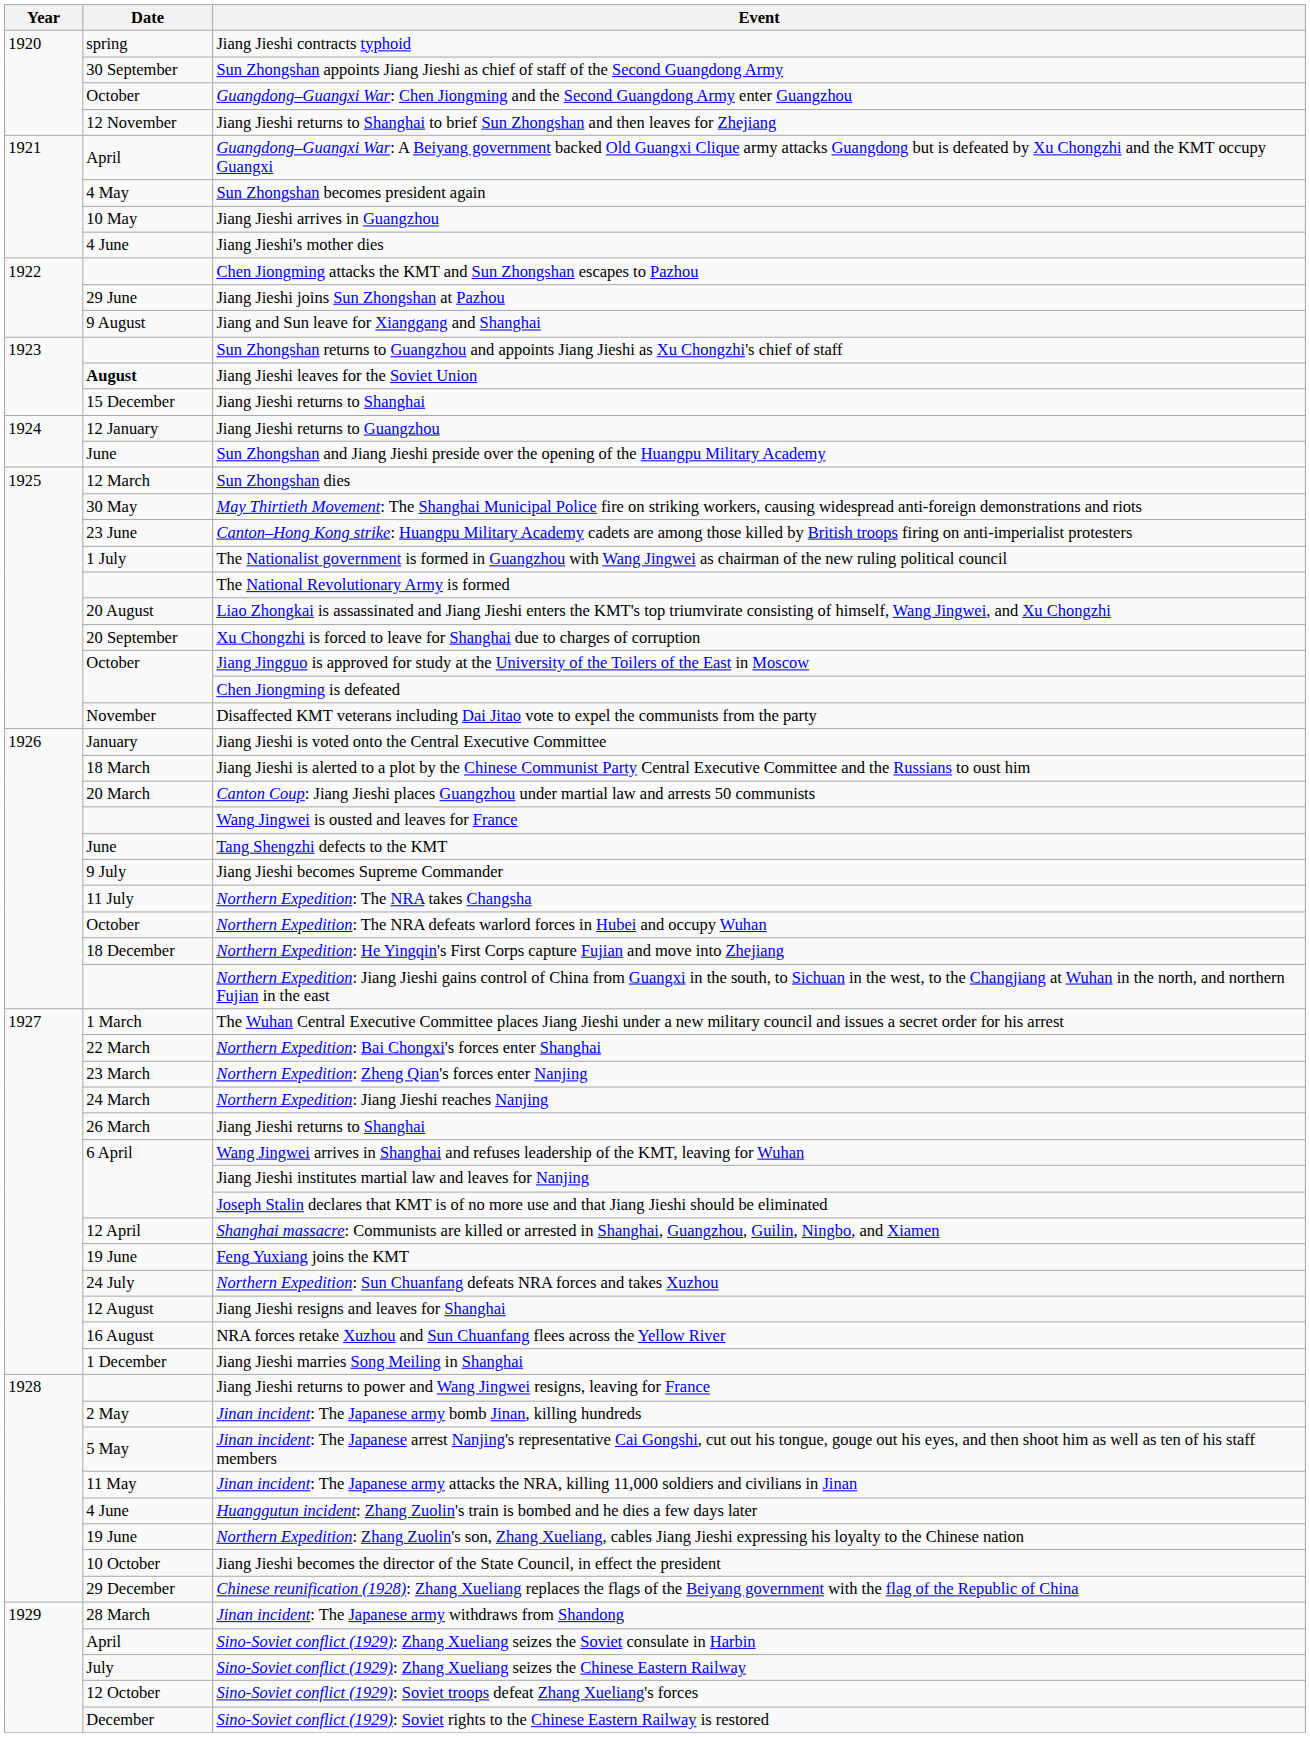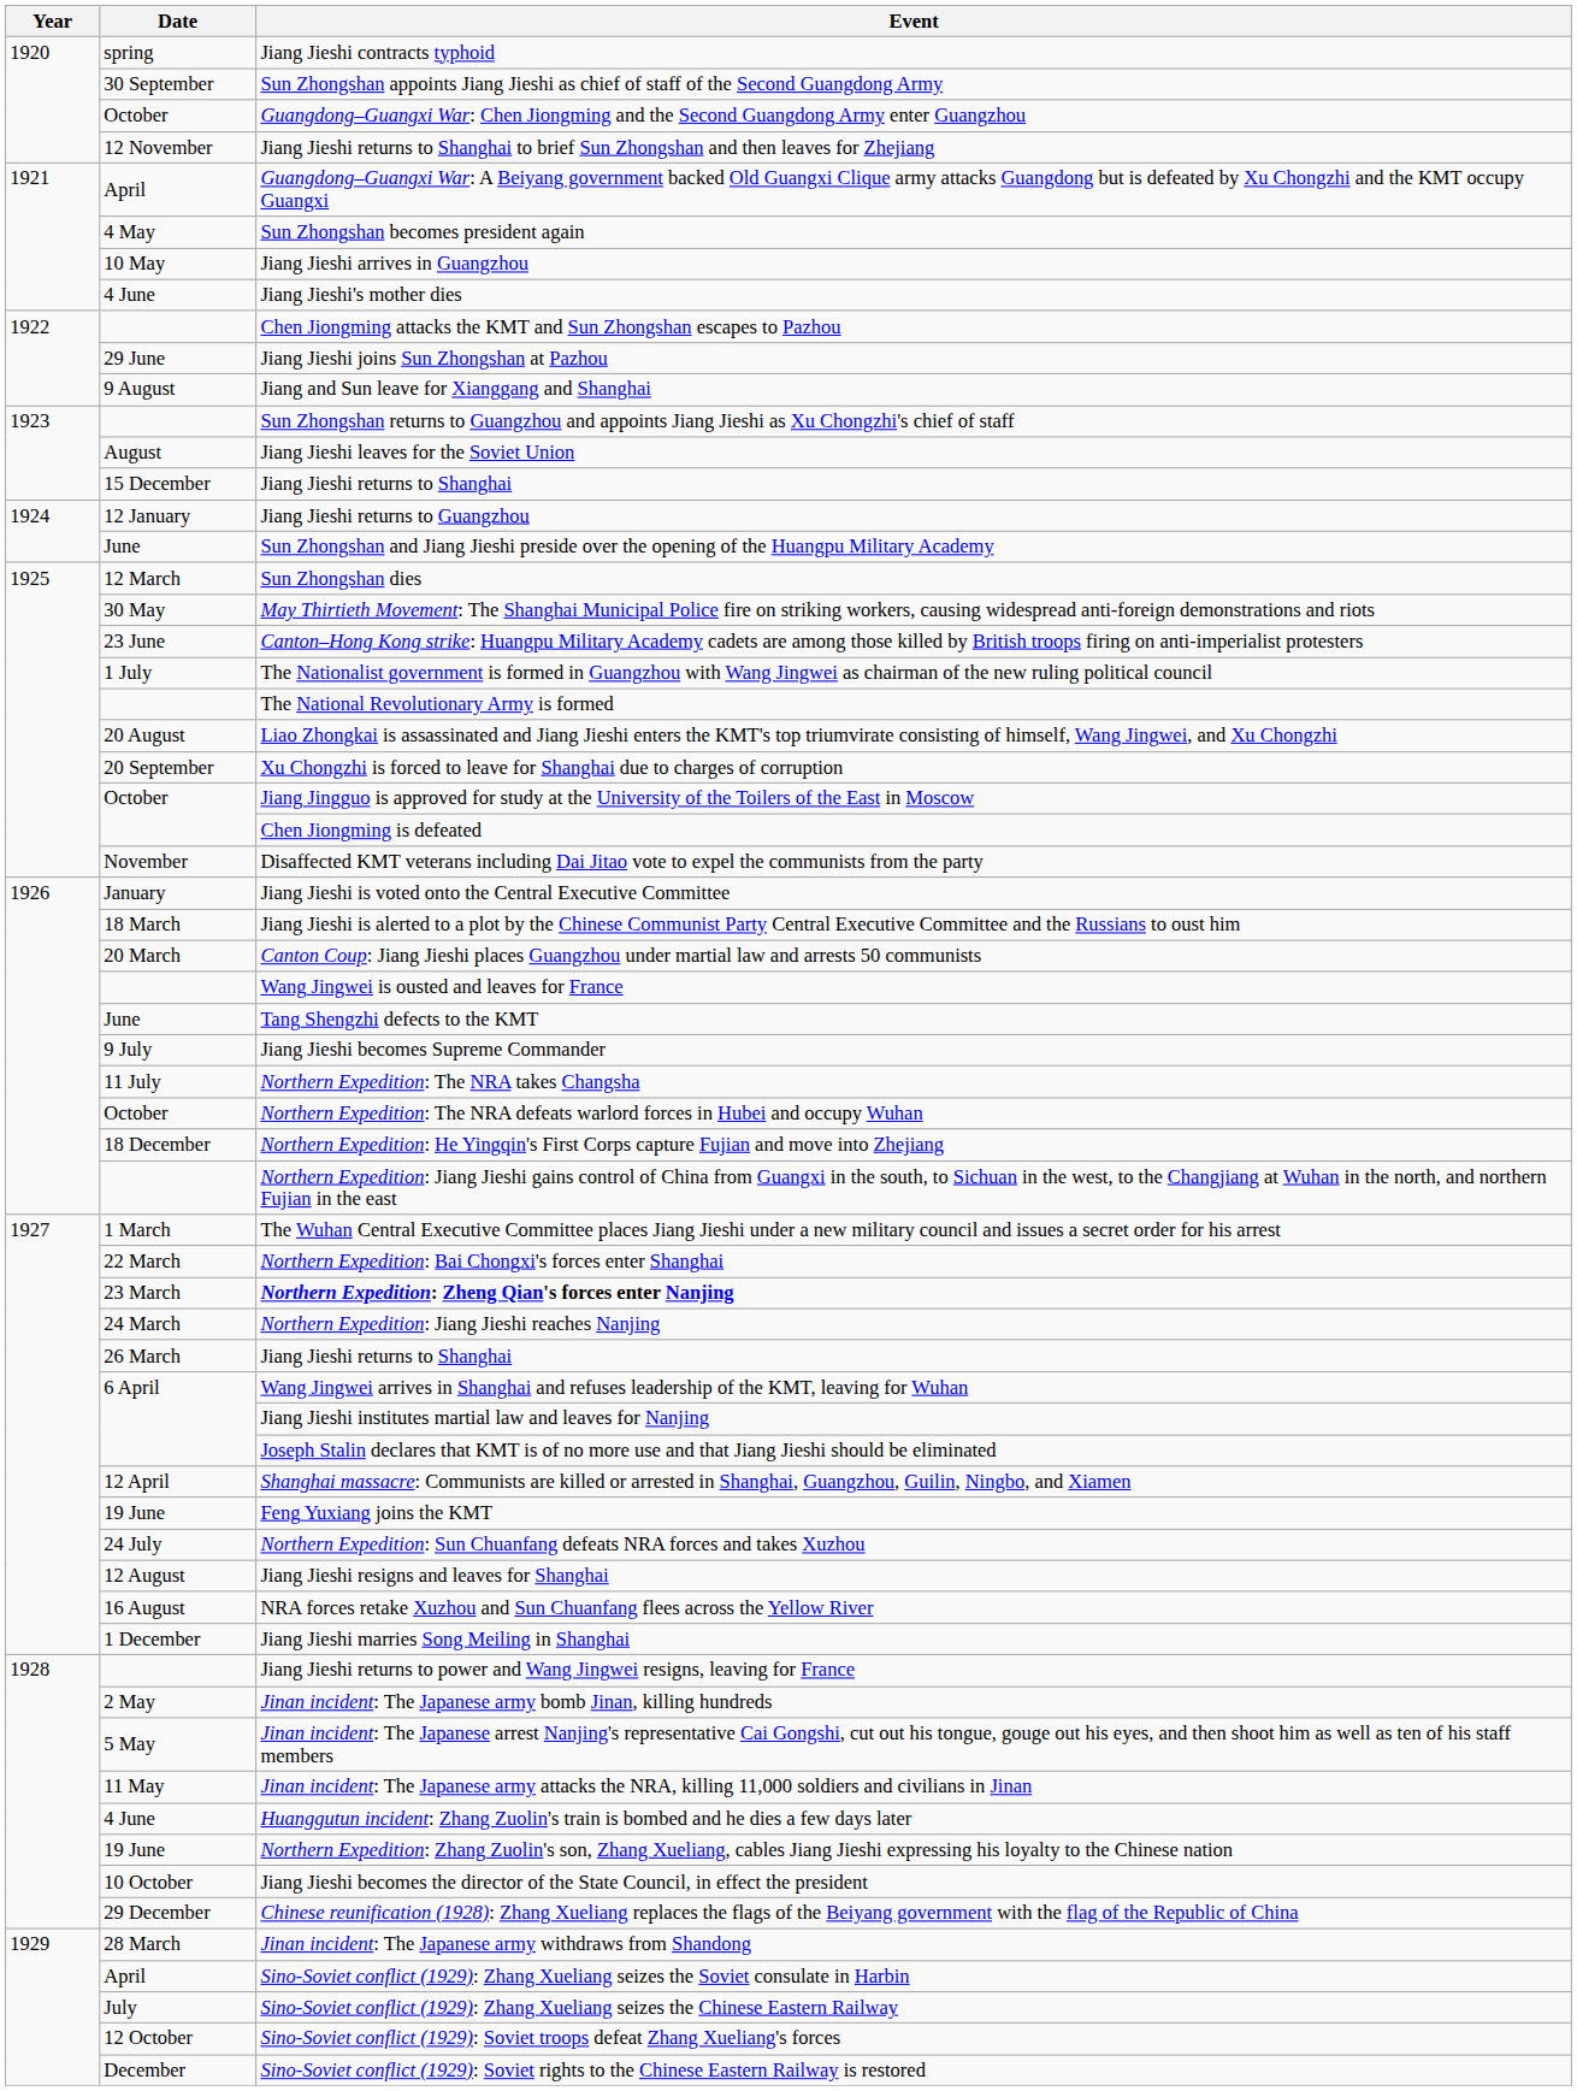 <table class="wikitable" width="100%">
 <tr>
 <th style="width:6%">Year</th>
 <th style="width:10%">Date</th>
 <th>Event</th>
 </tr>
 <tr>
 <td rowspan="4" valign="top">1920</td>
 <td>spring</td>
 <td>Jiang Jieshi contracts <a href='#'>typhoid</a></td>
 </tr>
 <tr>
 <td>30 September</td>
 <td><a href='#'>Sun Zhongshan</a> appoints Jiang Jieshi as chief of staff of the <a href='#'>Second Guangdong Army</a></td>
 </tr>
 <tr>
 <td>October</td>
 <td><em><a href='#'>Guangdong–Guangxi War</a></em>: <a href='#'>Chen Jiongming</a> and the <a href='#'>Second Guangdong Army</a> enter <a href='#'>Guangzhou</a></td>
 </tr>
 <tr>
 <td>12 November</td>
 <td>Jiang Jieshi returns to <a href='#'>Shanghai</a> to brief <a href='#'>Sun Zhongshan</a> and then leaves for <a href='#'>Zhejiang</a></td>
 </tr>
 <tr>
 <td rowspan="4" valign="top">1921</td>
 <td>April</td>
 <td><em><a href='#'>Guangdong–Guangxi War</a></em>: A <a href='#'>Beiyang government</a> backed <a href='#'>Old Guangxi Clique</a> army attacks <a href='#'>Guangdong</a> but is defeated by <a href='#'>Xu Chongzhi</a> and the KMT occupy <a href='#'>Guangxi</a></td>
 </tr>
 <tr>
 <td>4 May</td>
 <td><a href='#'>Sun Zhongshan</a> becomes president again</td>
 </tr>
 <tr>
 <td>10 May</td>
 <td>Jiang Jieshi arrives in <a href='#'>Guangzhou</a></td>
 </tr>
 <tr>
 <td>4 June</td>
 <td>Jiang Jieshi's mother dies</td>
 </tr>
 <tr>
 <td rowspan="3" valign="top">1922</td>
 <td></td>
 <td><a href='#'>Chen Jiongming</a> attacks the KMT and <a href='#'>Sun Zhongshan</a> escapes to <a href='#'>Pazhou</a></td>
 </tr>
 <tr>
 <td>29 June</td>
 <td>Jiang Jieshi joins <a href='#'>Sun Zhongshan</a> at <a href='#'>Pazhou</a></td>
 </tr>
 <tr>
 <td>9 August</td>
 <td>Jiang and Sun leave for <a href='#'>Xianggang</a> and <a href='#'>Shanghai</a></td>
 </tr>
 <tr>
 <td rowspan="3" valign="top">1923</td>
 <td></td>
 <td><a href='#'>Sun Zhongshan</a> returns to <a href='#'>Guangzhou</a> and appoints Jiang Jieshi as <a href='#'>Xu Chongzhi</a>'s chief of staff</td>
 </tr>
 <tr>
-<td><strong>August</strong></td>
+<td>August</td>
 <td>Jiang Jieshi leaves for the <a href='#'>Soviet Union</a></td>
 </tr>
 <tr>
 <td>15 December</td>
 <td>Jiang Jieshi returns to <a href='#'>Shanghai</a></td>
 </tr>
 <tr>
 <td rowspan="2" valign="top">1924</td>
 <td>12 January</td>
 <td>Jiang Jieshi returns to <a href='#'>Guangzhou</a></td>
 </tr>
 <tr>
 <td>June</td>
 <td><a href='#'>Sun Zhongshan</a> and Jiang Jieshi preside over the opening of the <a href='#'>Huangpu Military Academy</a></td>
 </tr>
 <tr>
 <td rowspan="10" valign="top">1925</td>
 <td>12 March</td>
 <td><a href='#'>Sun Zhongshan</a> dies</td>
 </tr>
 <tr>
 <td>30 May</td>
 <td><em><a href='#'>May Thirtieth Movement</a></em>: The <a href='#'>Shanghai Municipal Police</a> fire on striking workers, causing widespread anti-foreign demonstrations and riots</td>
 </tr>
 <tr>
 <td>23 June</td>
 <td><em><a href='#'>Canton–Hong Kong strike</a></em>: <a href='#'>Huangpu Military Academy</a> cadets are among those killed by <a href='#'>British troops</a> firing on anti-imperialist protesters</td>
 </tr>
 <tr>
 <td>1 July</td>
 <td>The <a href='#'>Nationalist government</a> is formed in <a href='#'>Guangzhou</a> with <a href='#'>Wang Jingwei</a> as chairman of the new ruling political council</td>
 </tr>
 <tr>
 <td></td>
 <td>The <a href='#'>National Revolutionary Army</a> is formed</td>
 </tr>
 <tr>
 <td>20 August</td>
 <td><a href='#'>Liao Zhongkai</a> is assassinated and Jiang Jieshi enters the KMT's top triumvirate consisting of himself, <a href='#'>Wang Jingwei</a>, and <a href='#'>Xu Chongzhi</a></td>
 </tr>
 <tr>
 <td>20 September</td>
 <td><a href='#'>Xu Chongzhi</a> is forced to leave for <a href='#'>Shanghai</a> due to charges of corruption</td>
 </tr>
 <tr>
 <td rowspan="2" valign="top">October</td>
 <td><a href='#'>Jiang Jingguo</a> is approved for study at the <a href='#'>University of the Toilers of the East</a> in <a href='#'>Moscow</a></td>
 </tr>
 <tr>
 <td><a href='#'>Chen Jiongming</a> is defeated</td>
 </tr>
 <tr>
 <td>November</td>
 <td>Disaffected KMT veterans including <a href='#'>Dai Jitao</a> vote to expel the communists from the party</td>
 </tr>
 <tr>
 <td rowspan="10" valign="top">1926</td>
 <td>January</td>
 <td>Jiang Jieshi is voted onto the Central Executive Committee</td>
 </tr>
 <tr>
 <td>18 March</td>
 <td>Jiang Jieshi is alerted to a plot by the <a href='#'>Chinese Communist Party</a> Central Executive Committee and the <a href='#'>Russians</a> to oust him</td>
 </tr>
 <tr>
 <td>20 March</td>
 <td><em><a href='#'>Canton Coup</a></em>: Jiang Jieshi places <a href='#'>Guangzhou</a> under martial law and arrests 50 communists</td>
 </tr>
 <tr>
 <td></td>
 <td><a href='#'>Wang Jingwei</a> is ousted and leaves for <a href='#'>France</a></td>
 </tr>
 <tr>
 <td>June</td>
 <td><a href='#'>Tang Shengzhi</a> defects to the KMT</td>
 </tr>
 <tr>
 <td>9 July</td>
 <td>Jiang Jieshi becomes Supreme Commander</td>
 </tr>
 <tr>
 <td>11 July</td>
 <td><em><a href='#'>Northern Expedition</a></em>: The <a href='#'>NRA</a> takes <a href='#'>Changsha</a></td>
 </tr>
 <tr>
 <td>October</td>
 <td><em><a href='#'>Northern Expedition</a></em>: The NRA defeats warlord forces in <a href='#'>Hubei</a> and occupy <a href='#'>Wuhan</a></td>
 </tr>
 <tr>
 <td>18 December</td>
 <td><em><a href='#'>Northern Expedition</a></em>: <a href='#'>He Yingqin</a>'s First Corps capture <a href='#'>Fujian</a> and move into <a href='#'>Zhejiang</a></td>
 </tr>
 <tr>
 <td></td>
 <td><em><a href='#'>Northern Expedition</a></em>: Jiang Jieshi gains control of China from <a href='#'>Guangxi</a> in the south, to <a href='#'>Sichuan</a> in the west, to the <a href='#'>Changjiang</a> at <a href='#'>Wuhan</a> in the north, and northern <a href='#'>Fujian</a> in the east</td>
 </tr>
 <tr>
 <td rowspan="14" valign="top">1927</td>
 <td>1 March</td>
 <td>The <a href='#'>Wuhan</a> Central Executive Committee places Jiang Jieshi under a new military council and issues a secret order for his arrest</td>
 </tr>
 <tr>
 <td>22 March</td>
 <td><em><a href='#'>Northern Expedition</a></em>: <a href='#'>Bai Chongxi</a>'s forces enter <a href='#'>Shanghai</a></td>
 </tr>
 <tr>
 <td>23 March</td>
-<td><em><a href='#'>Northern Expedition</a></em>: <a href='#'>Zheng Qian</a>'s forces enter <a href='#'>Nanjing</a></td>
+<td><strong><em><a href='#'>Northern Expedition</a></em>: <a href='#'>Zheng Qian</a>'s forces enter <a href='#'>Nanjing</a></strong></td>
 </tr>
 <tr>
 <td>24 March</td>
 <td><em><a href='#'>Northern Expedition</a></em>: Jiang Jieshi reaches <a href='#'>Nanjing</a></td>
 </tr>
 <tr>
 <td>26 March</td>
 <td>Jiang Jieshi returns to <a href='#'>Shanghai</a></td>
 </tr>
 <tr>
 <td rowspan="3" valign="top">6 April</td>
 <td><a href='#'>Wang Jingwei</a> arrives in <a href='#'>Shanghai</a> and refuses leadership of the KMT, leaving for <a href='#'>Wuhan</a></td>
 </tr>
 <tr>
 <td>Jiang Jieshi institutes martial law and leaves for <a href='#'>Nanjing</a></td>
 </tr>
 <tr>
 <td><a href='#'>Joseph Stalin</a> declares that KMT is of no more use and that Jiang Jieshi should be eliminated</td>
 </tr>
 <tr>
 <td>12 April</td>
 <td><em><a href='#'>Shanghai massacre</a></em>: Communists are killed or arrested in <a href='#'>Shanghai</a>, <a href='#'>Guangzhou</a>, <a href='#'>Guilin</a>, <a href='#'>Ningbo</a>, and <a href='#'>Xiamen</a></td>
 </tr>
 <tr>
 <td>19 June</td>
 <td><a href='#'>Feng Yuxiang</a> joins the KMT</td>
 </tr>
 <tr>
 <td>24 July</td>
 <td><em><a href='#'>Northern Expedition</a></em>: <a href='#'>Sun Chuanfang</a> defeats NRA forces and takes <a href='#'>Xuzhou</a></td>
 </tr>
 <tr>
 <td>12 August</td>
 <td>Jiang Jieshi resigns and leaves for <a href='#'>Shanghai</a></td>
 </tr>
 <tr>
 <td>16 August</td>
 <td>NRA forces retake <a href='#'>Xuzhou</a> and <a href='#'>Sun Chuanfang</a> flees across the <a href='#'>Yellow River</a></td>
 </tr>
 <tr>
 <td>1 December</td>
 <td>Jiang Jieshi marries <a href='#'>Song Meiling</a> in <a href='#'>Shanghai</a></td>
 </tr>
 <tr>
 <td rowspan="8" valign="top">1928</td>
 <td></td>
 <td>Jiang Jieshi returns to power and <a href='#'>Wang Jingwei</a> resigns, leaving for <a href='#'>France</a></td>
 </tr>
 <tr>
 <td>2 May</td>
 <td><em><a href='#'>Jinan incident</a></em>: The <a href='#'>Japanese army</a> bomb <a href='#'>Jinan</a>, killing hundreds</td>
 </tr>
 <tr>
 <td>5 May</td>
 <td><em><a href='#'>Jinan incident</a></em>: The <a href='#'>Japanese</a> arrest <a href='#'>Nanjing</a>'s representative <a href='#'>Cai Gongshi</a>, cut out his tongue, gouge out his eyes, and then shoot him as well as ten of his staff members</td>
 </tr>
 <tr>
 <td>11 May</td>
 <td><em><a href='#'>Jinan incident</a></em>: The <a href='#'>Japanese army</a> attacks the NRA, killing 11,000 soldiers and civilians in <a href='#'>Jinan</a></td>
 </tr>
 <tr>
 <td>4 June</td>
 <td><em><a href='#'>Huanggutun incident</a></em>: <a href='#'>Zhang Zuolin</a>'s train is bombed and he dies a few days later</td>
 </tr>
 <tr>
 <td>19 June</td>
 <td><em><a href='#'>Northern Expedition</a></em>: <a href='#'>Zhang Zuolin</a>'s son, <a href='#'>Zhang Xueliang</a>, cables Jiang Jieshi expressing his loyalty to the Chinese nation</td>
 </tr>
 <tr>
 <td>10 October</td>
 <td>Jiang Jieshi becomes the director of the State Council, in effect the president</td>
 </tr>
 <tr>
 <td>29 December</td>
 <td><em><a href='#'>Chinese reunification (1928)</a></em>: <a href='#'>Zhang Xueliang</a> replaces the flags of the <a href='#'>Beiyang government</a> with the <a href='#'>flag of the Republic of China</a></td>
 </tr>
 <tr>
 <td rowspan="5" valign="top">1929</td>
 <td>28 March</td>
 <td><em><a href='#'>Jinan incident</a></em>: The <a href='#'>Japanese army</a> withdraws from <a href='#'>Shandong</a></td>
 </tr>
 <tr>
 <td>April</td>
 <td><em><a href='#'>Sino-Soviet conflict (1929)</a></em>: <a href='#'>Zhang Xueliang</a> seizes the <a href='#'>Soviet</a> consulate in <a href='#'>Harbin</a></td>
 </tr>
 <tr>
 <td>July</td>
 <td><em><a href='#'>Sino-Soviet conflict (1929)</a></em>: <a href='#'>Zhang Xueliang</a> seizes the <a href='#'>Chinese Eastern Railway</a></td>
 </tr>
 <tr>
 <td>12 October</td>
 <td><em><a href='#'>Sino-Soviet conflict (1929)</a></em>: <a href='#'>Soviet troops</a> defeat <a href='#'>Zhang Xueliang</a>'s forces</td>
 </tr>
 <tr>
 <td>December</td>
 <td><em><a href='#'>Sino-Soviet conflict (1929)</a></em>: <a href='#'>Soviet</a> rights to the <a href='#'>Chinese Eastern Railway</a> is restored</td>
 </tr>
 </table>
